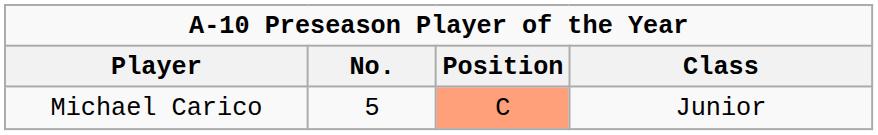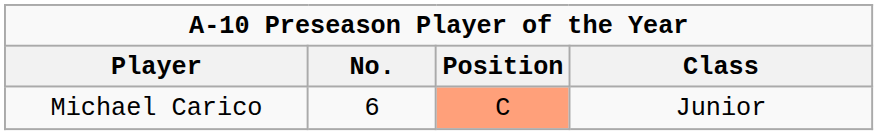 <table class="wikitable" style="text-align:center">
 <tr>
 <td colspan="5"><strong>A-10 Preseason Player of the Year</strong></td>
 </tr>
 <tr>
 <th style="width:150px; ">Player</th>
 <th style="width:60px; ">No.</th>
 <th style="width:60px; ">Position</th>
 <th style="width:150px; ">Class</th>
 </tr>
 <tr>
 <td>Michael Carico</td>
-<td>5</td>
+<td>6</td>
 <td style="background: lightsalmon;">C</td>
 <td>Junior</td>
 </tr>
 </table>
